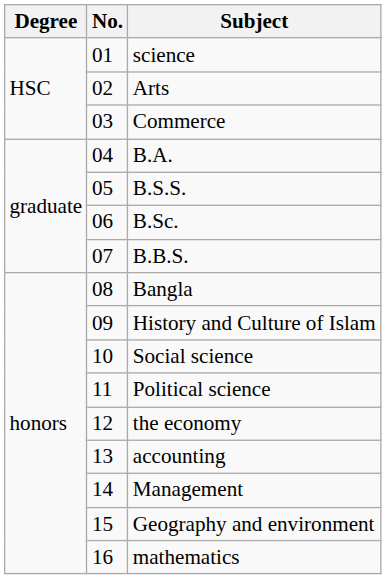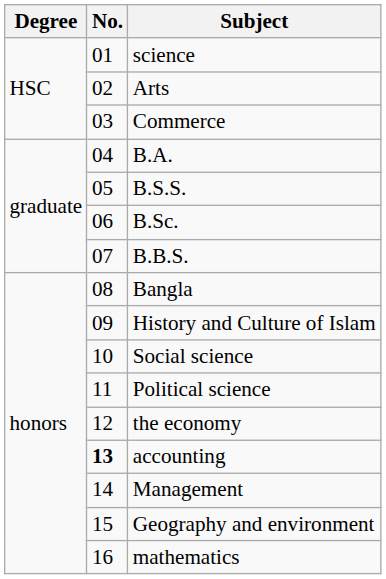 <table class ="wikitable sortable">
 <tr>
 <th>Degree</th>
 <th>No.</th>
 <th>Subject</th>
 </tr>
 <tr>
 <td rowspan="3">HSC</td>
 <td>01</td>
 <td>science</td>
 </tr>
 <tr>
 <td>02</td>
 <td>Arts</td>
 </tr>
 <tr>
 <td>03</td>
 <td>Commerce</td>
 </tr>
 <tr>
 <td rowspan="4">graduate</td>
 <td>04</td>
 <td>B.A.</td>
 </tr>
 <tr>
 <td>05</td>
 <td>B.S.S.</td>
 </tr>
 <tr>
 <td>06</td>
 <td>B.Sc.</td>
 </tr>
 <tr>
 <td>07</td>
 <td>B.B.S.</td>
 </tr>
 <tr>
 <td rowspan="9">honors</td>
 <td>08</td>
 <td>Bangla</td>
 </tr>
 <tr>
 <td>09</td>
 <td>History and Culture of Islam</td>
 </tr>
 <tr>
 <td>10</td>
 <td>Social science</td>
 </tr>
 <tr>
 <td>11</td>
 <td>Political science</td>
 </tr>
 <tr>
 <td>12</td>
 <td>the economy</td>
 </tr>
 <tr>
-<td>13</td>
+<td><strong>13</strong></td>
 <td>accounting</td>
 </tr>
 <tr>
 <td>14</td>
 <td>Management</td>
 </tr>
 <tr>
 <td>15</td>
 <td>Geography and environment</td>
 </tr>
 <tr>
 <td>16</td>
 <td>mathematics</td>
 </tr>
 </table>
